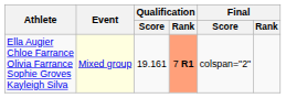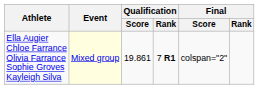 <table class="wikitable" style="font-size:90%">
 <tr>
 <th rowspan=2>Athlete</th>
 <th rowspan=2>Event</th>
 <th colspan=2>Qualification</th>
 <th colspan=2>Final</th>
 </tr>
 <tr style="font-size:95%">
 <th>Score</th>
 <th>Rank</th>
 <th>Score</th>
 <th>Rank</th>
 </tr>
 <tr align=center>
 <td align=left><a href='#'>Ella Augier</a><br><a href='#'>Chloe Farrance</a><br><a href='#'>Olivia Farrance</a><br><a href='#'>Sophie Groves</a><br><a href='#'>Kayleigh Silva</a></td>
 <td align=left style="background: lightyellow;"><a href='#'>Mixed group</a></td>
-<td>19.161</td>
-<td style="background: lightsalmon;">7 <strong>R1</strong></td>
+<td>19.861</td>
+<td>7 <strong>R1</strong></td>
 <td>colspan="2" </td>
 </tr>
 </table>
